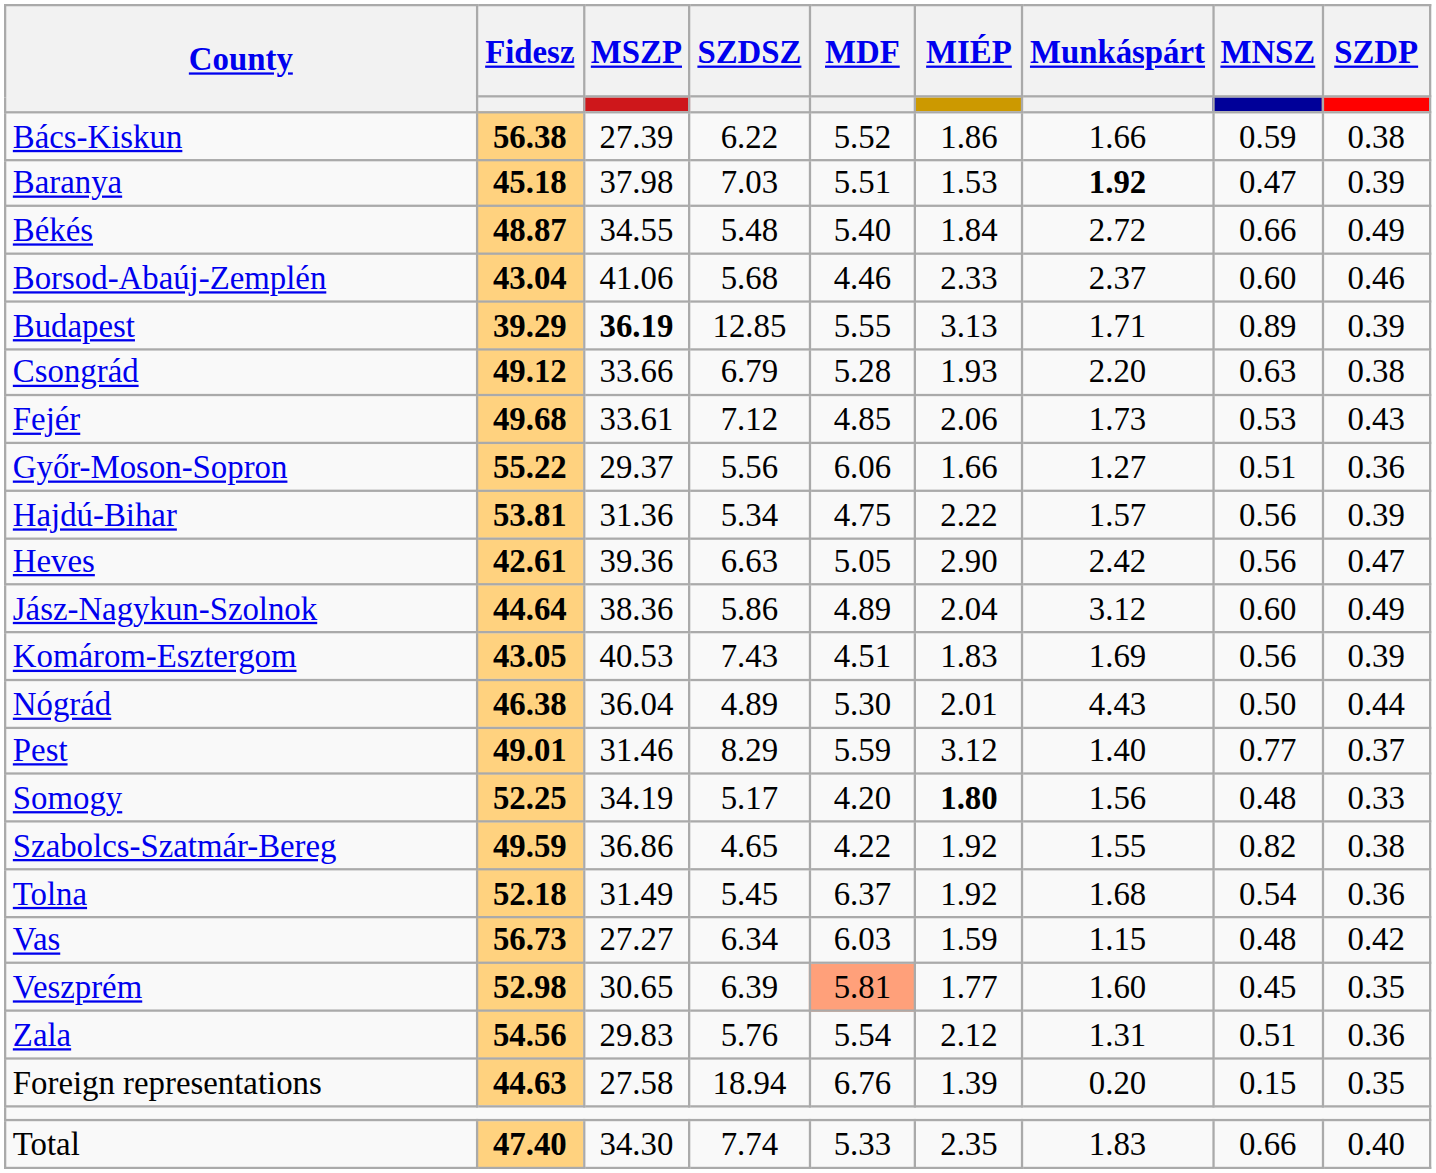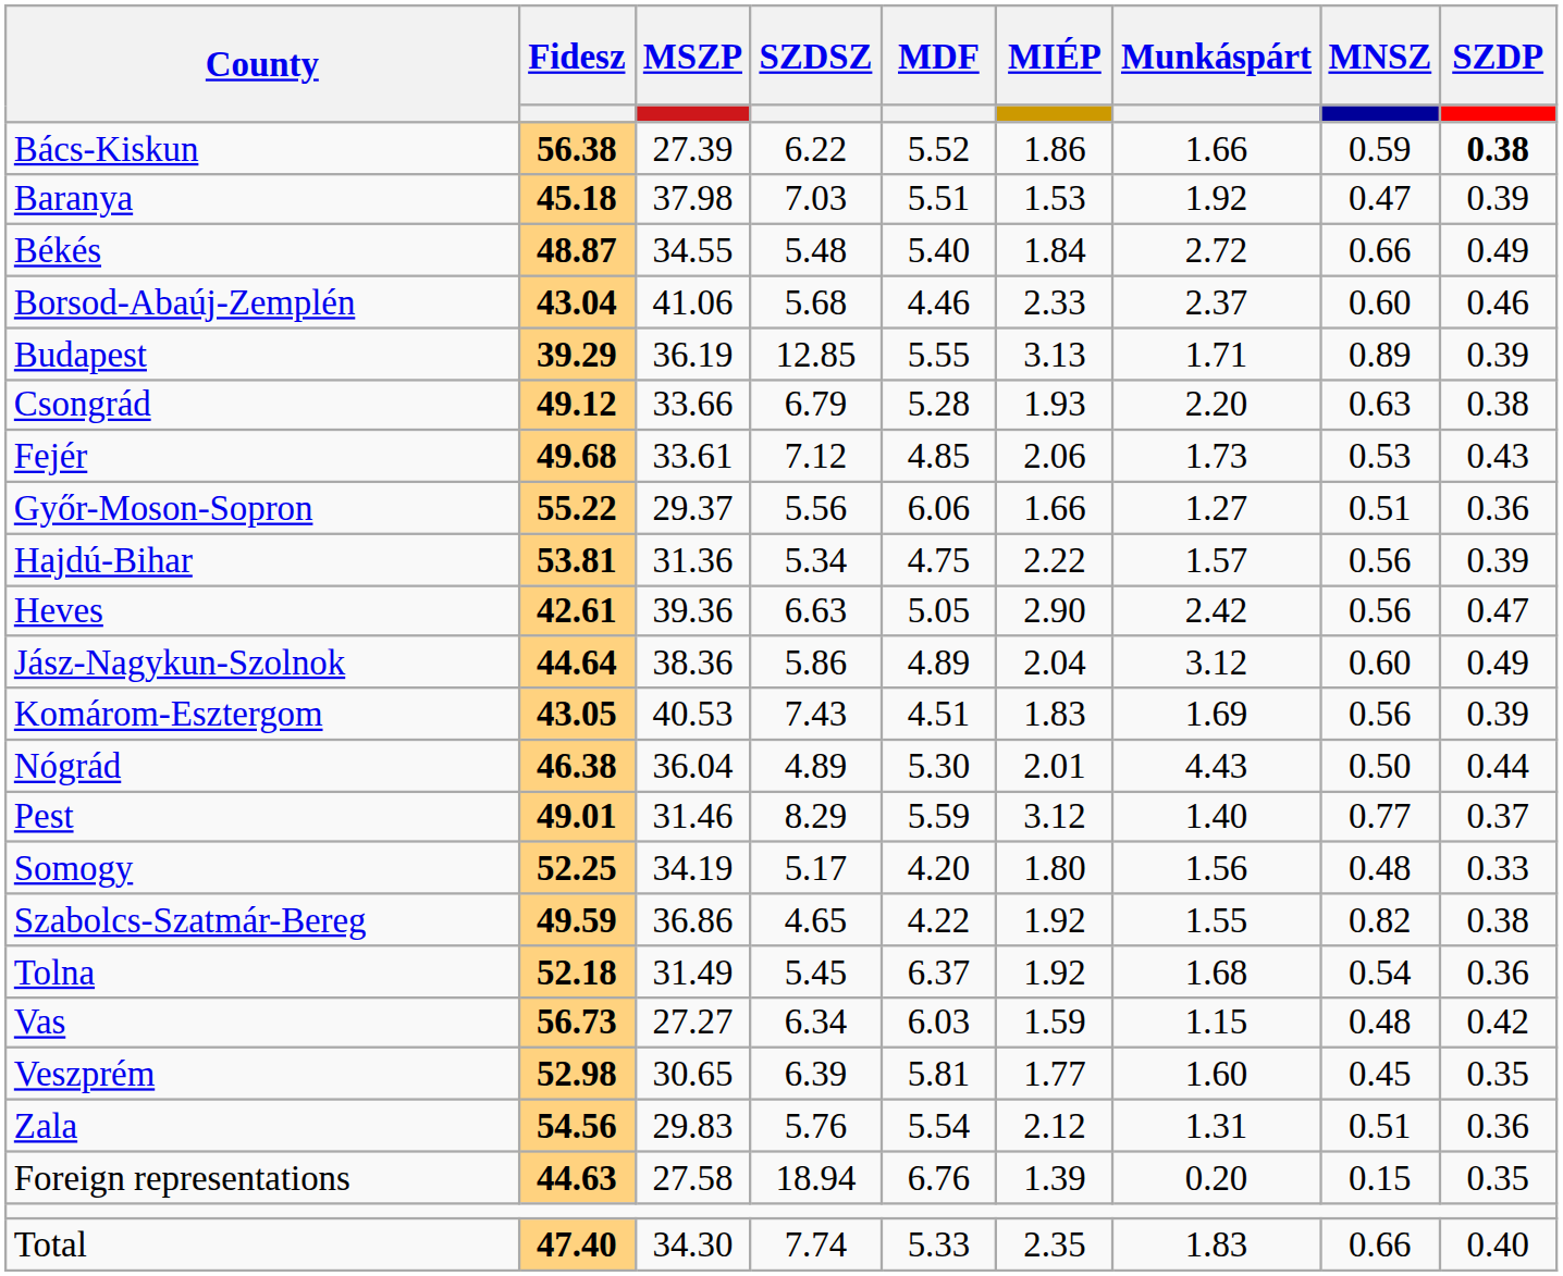 <table class="wikitable sortable" style="text-align:center;font-size:90%;line-height:14px">
 <tr style="height:40px;">
 <th style="width:200px;" rowspan="2"><a href='#'>County</a></th>
 <th style="width:40px;"><a href='#'>Fidesz</a></th>
 <th style="width:40px;"><a href='#'>MSZP</a></th>
 <th style="width:40px;"><a href='#'>SZDSZ</a></th>
 <th style="width:40px;"><a href='#'>MDF</a></th>
 <th style="width:40px;"><a href='#'>MIÉP</a></th>
 <th style="width:40px;"><a href='#'>Munkáspárt</a></th>
 <th style="width:40px;"><a href='#'>MNSZ</a></th>
 <th style="width:40px;"><a href='#'>SZDP</a></th>
 </tr>
 <tr>
 <th style="background:"></th>
 <th style="background:#CE171B;"></th>
 <th style="background:"></th>
 <th style="background:"></th>
 <th style="background:#CC9900;"></th>
 <th style="background:"></th>
 <th style="background:#000099;"></th>
 <th style="background:red;"></th>
 </tr>
 <tr>
 <td align="left"><a href='#'>Bács-Kiskun</a></td>
 <td style="background:#ffd27f;"><strong>56.38</strong></td>
 <td>27.39</td>
 <td>6.22</td>
 <td>5.52</td>
 <td>1.86</td>
 <td>1.66</td>
 <td>0.59</td>
-<td>0.38</td>
+<td><strong>0.38</strong></td>
 </tr>
 <tr>
 <td align="left"><a href='#'>Baranya</a></td>
 <td style="background:#ffd27f;"><strong>45.18</strong></td>
 <td>37.98</td>
 <td>7.03</td>
 <td>5.51</td>
 <td>1.53</td>
-<td><strong>1.92</strong></td>
+<td>1.92</td>
 <td>0.47</td>
 <td>0.39</td>
 </tr>
 <tr>
 <td align="left"><a href='#'>Békés</a></td>
 <td style="background:#ffd27f;"><strong>48.87</strong></td>
 <td>34.55</td>
 <td>5.48</td>
 <td>5.40</td>
 <td>1.84</td>
 <td>2.72</td>
 <td>0.66</td>
 <td>0.49</td>
 </tr>
 <tr>
 <td align="left"><a href='#'>Borsod-Abaúj-Zemplén</a></td>
 <td style="background:#ffd27f;"><strong>43.04</strong></td>
 <td>41.06</td>
 <td>5.68</td>
 <td>4.46</td>
 <td>2.33</td>
 <td>2.37</td>
 <td>0.60</td>
 <td>0.46</td>
 </tr>
 <tr>
 <td align="left"><a href='#'>Budapest</a></td>
 <td style="background:#ffd27f;"><strong>39.29</strong></td>
-<td><strong>36.19</strong></td>
+<td>36.19</td>
 <td>12.85</td>
 <td>5.55</td>
 <td>3.13</td>
 <td>1.71</td>
 <td>0.89</td>
 <td>0.39</td>
 </tr>
 <tr>
 <td align="left"><a href='#'>Csongrád</a></td>
 <td style="background:#ffd27f;"><strong>49.12</strong></td>
 <td>33.66</td>
 <td>6.79</td>
 <td>5.28</td>
 <td>1.93</td>
 <td>2.20</td>
 <td>0.63</td>
 <td>0.38</td>
 </tr>
 <tr>
 <td align="left"><a href='#'>Fejér</a></td>
 <td style="background:#ffd27f;"><strong>49.68</strong></td>
 <td>33.61</td>
 <td>7.12</td>
 <td>4.85</td>
 <td>2.06</td>
 <td>1.73</td>
 <td>0.53</td>
 <td>0.43</td>
 </tr>
 <tr>
 <td align="left"><a href='#'>Győr-Moson-Sopron</a></td>
 <td style="background:#ffd27f;"><strong>55.22</strong></td>
 <td>29.37</td>
 <td>5.56</td>
 <td>6.06</td>
 <td>1.66</td>
 <td>1.27</td>
 <td>0.51</td>
 <td>0.36</td>
 </tr>
 <tr>
 <td align="left"><a href='#'>Hajdú-Bihar</a></td>
 <td style="background:#ffd27f;"><strong>53.81</strong></td>
 <td>31.36</td>
 <td>5.34</td>
 <td>4.75</td>
 <td>2.22</td>
 <td>1.57</td>
 <td>0.56</td>
 <td>0.39</td>
 </tr>
 <tr>
 <td align="left"><a href='#'>Heves</a></td>
 <td style="background:#ffd27f;"><strong>42.61</strong></td>
 <td>39.36</td>
 <td>6.63</td>
 <td>5.05</td>
 <td>2.90</td>
 <td>2.42</td>
 <td>0.56</td>
 <td>0.47</td>
 </tr>
 <tr>
 <td align="left"><a href='#'>Jász-Nagykun-Szolnok</a></td>
 <td style="background:#ffd27f;"><strong>44.64</strong></td>
 <td>38.36</td>
 <td>5.86</td>
 <td>4.89</td>
 <td>2.04</td>
 <td>3.12</td>
 <td>0.60</td>
 <td>0.49</td>
 </tr>
 <tr>
 <td align="left"><a href='#'>Komárom-Esztergom</a></td>
 <td style="background:#ffd27f;"><strong>43.05</strong></td>
 <td>40.53</td>
 <td>7.43</td>
 <td>4.51</td>
 <td>1.83</td>
 <td>1.69</td>
 <td>0.56</td>
 <td>0.39</td>
 </tr>
 <tr>
 <td align="left"><a href='#'>Nógrád</a></td>
 <td style="background:#ffd27f;"><strong>46.38</strong></td>
 <td>36.04</td>
 <td>4.89</td>
 <td>5.30</td>
 <td>2.01</td>
 <td>4.43</td>
 <td>0.50</td>
 <td>0.44</td>
 </tr>
 <tr>
 <td align="left"><a href='#'>Pest</a></td>
 <td style="background:#ffd27f;"><strong>49.01</strong></td>
 <td>31.46</td>
 <td>8.29</td>
 <td>5.59</td>
 <td>3.12</td>
 <td>1.40</td>
 <td>0.77</td>
 <td>0.37</td>
 </tr>
 <tr>
 <td align="left"><a href='#'>Somogy</a></td>
 <td style="background:#ffd27f;"><strong>52.25</strong></td>
 <td>34.19</td>
 <td>5.17</td>
 <td>4.20</td>
-<td><strong>1.80</strong></td>
+<td>1.80</td>
 <td>1.56</td>
 <td>0.48</td>
 <td>0.33</td>
 </tr>
 <tr>
 <td align="left"><a href='#'>Szabolcs-Szatmár-Bereg</a></td>
 <td style="background:#ffd27f;"><strong>49.59</strong></td>
 <td>36.86</td>
 <td>4.65</td>
 <td>4.22</td>
 <td>1.92</td>
 <td>1.55</td>
 <td>0.82</td>
 <td>0.38</td>
 </tr>
 <tr>
 <td align="left"><a href='#'>Tolna</a></td>
 <td style="background:#ffd27f;"><strong>52.18</strong></td>
 <td>31.49</td>
 <td>5.45</td>
 <td>6.37</td>
 <td>1.92</td>
 <td>1.68</td>
 <td>0.54</td>
 <td>0.36</td>
 </tr>
 <tr>
 <td align="left"><a href='#'>Vas</a></td>
 <td style="background:#ffd27f;"><strong>56.73</strong></td>
 <td>27.27</td>
 <td>6.34</td>
 <td>6.03</td>
 <td>1.59</td>
 <td>1.15</td>
 <td>0.48</td>
 <td>0.42</td>
 </tr>
 <tr>
 <td align="left"><a href='#'>Veszprém</a></td>
 <td style="background:#ffd27f;"><strong>52.98</strong></td>
 <td>30.65</td>
 <td>6.39</td>
-<td style="background: lightsalmon;">5.81</td>
+<td>5.81</td>
 <td>1.77</td>
 <td>1.60</td>
 <td>0.45</td>
 <td>0.35</td>
 </tr>
 <tr>
 <td align="left"><a href='#'>Zala</a></td>
 <td style="background:#ffd27f;"><strong>54.56</strong></td>
 <td>29.83</td>
 <td>5.76</td>
 <td>5.54</td>
 <td>2.12</td>
 <td>1.31</td>
 <td>0.51</td>
 <td>0.36</td>
 </tr>
 <tr>
 <td align="left">Foreign representations</td>
 <td style="background:#ffd27f;"><strong>44.63</strong></td>
 <td>27.58</td>
 <td>18.94</td>
 <td>6.76</td>
 <td>1.39</td>
 <td>0.20</td>
 <td>0.15</td>
 <td>0.35</td>
 </tr>
 <tr>
 <td colspan=10></td>
 </tr>
 <tr>
 <td align="left">Total</td>
 <td style="background:#ffd27f;"><strong>47.40</strong></td>
 <td>34.30</td>
 <td>7.74</td>
 <td>5.33</td>
 <td>2.35</td>
 <td>1.83</td>
 <td>0.66</td>
 <td>0.40</td>
 </tr>
 </table>
